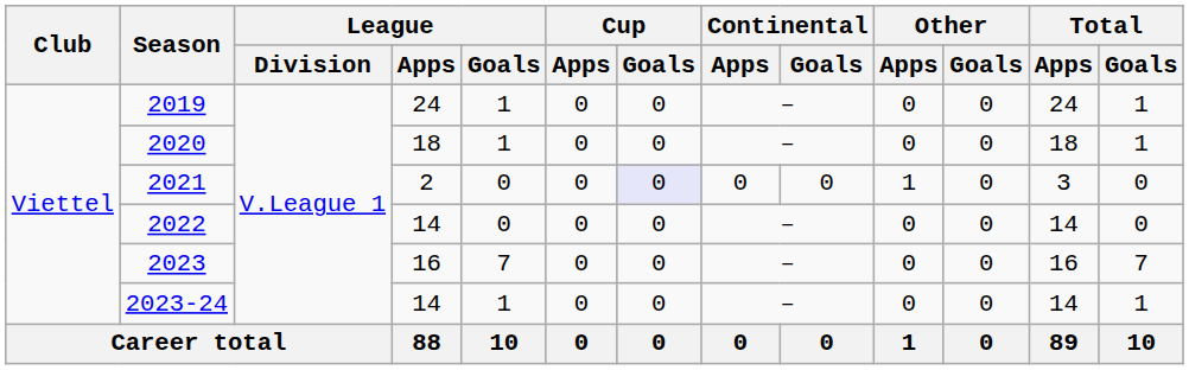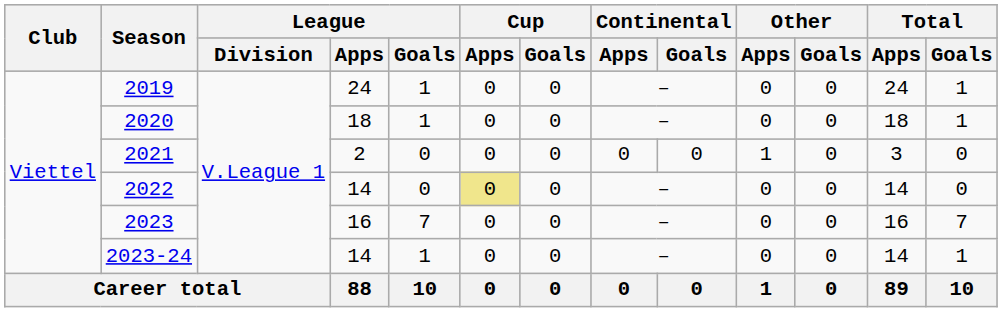 <table class="wikitable" style="text-align: center">
 <tr>
 <th rowspan="2">Club</th>
 <th rowspan="2">Season</th>
 <th colspan="3">League</th>
 <th colspan="2">Cup</th>
 <th colspan="2">Continental</th>
 <th colspan="2">Other</th>
 <th colspan="2">Total</th>
 </tr>
 <tr>
 <th>Division</th>
 <th>Apps</th>
 <th>Goals</th>
 <th>Apps</th>
 <th>Goals</th>
 <th>Apps</th>
 <th>Goals</th>
 <th>Apps</th>
 <th>Goals</th>
 <th>Apps</th>
 <th>Goals</th>
 </tr>
 <tr>
 <td rowspan="6"><a href='#'>Viettel</a></td>
 <td><a href='#'>2019</a></td>
 <td rowspan="6"><a href='#'>V.League 1</a></td>
 <td>24</td>
 <td>1</td>
 <td>0</td>
 <td>0</td>
 <td colspan="2">–</td>
 <td>0</td>
 <td>0</td>
 <td>24</td>
 <td>1</td>
 </tr>
 <tr>
 <td><a href='#'>2020</a></td>
 <td>18</td>
 <td>1</td>
 <td>0</td>
 <td>0</td>
 <td colspan="2">–</td>
 <td>0</td>
 <td>0</td>
 <td>18</td>
 <td>1</td>
 </tr>
 <tr>
 <td><a href='#'>2021</a></td>
 <td>2</td>
 <td>0</td>
 <td>0</td>
-<td style="background: lavender;">0</td>
+<td>0</td>
 <td>0</td>
 <td>0</td>
 <td>1</td>
 <td>0</td>
 <td>3</td>
 <td>0</td>
 </tr>
 <tr>
 <td><a href='#'>2022</a></td>
 <td>14</td>
 <td>0</td>
-<td>0</td>
+<td style="background: khaki;">0</td>
 <td>0</td>
 <td colspan="2">–</td>
 <td>0</td>
 <td>0</td>
 <td>14</td>
 <td>0</td>
 </tr>
 <tr>
 <td><a href='#'>2023</a></td>
 <td>16</td>
 <td>7</td>
 <td>0</td>
 <td>0</td>
 <td colspan="2">–</td>
 <td>0</td>
 <td>0</td>
 <td>16</td>
 <td>7</td>
 </tr>
 <tr>
 <td><a href='#'>2023-24</a></td>
 <td>14</td>
 <td>1</td>
 <td>0</td>
 <td>0</td>
 <td colspan="2">–</td>
 <td>0</td>
 <td>0</td>
 <td>14</td>
 <td>1</td>
 </tr>
 <tr>
 <th colspan="3"><strong>Career total</strong></th>
 <th>88</th>
 <th>10</th>
 <th>0</th>
 <th>0</th>
 <th>0</th>
 <th>0</th>
 <th>1</th>
 <th>0</th>
 <th>89</th>
 <th>10</th>
 </tr>
 </table>
